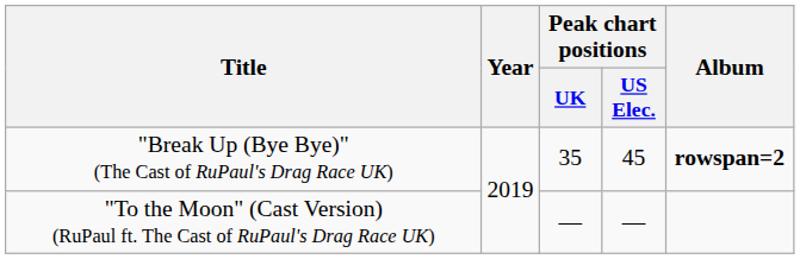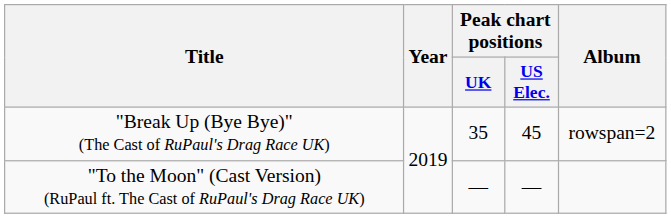 <table class="wikitable plainrowheaders" style="text-align:center;">
 <tr>
 <th rowspan="2" style="width:20em;">Title</th>
 <th rowspan="2" style="width:1em;">Year</th>
 <th colspan="2" style="width:5em;">Peak chart positions</th>
 <th rowspan="2" style="width:5em;">Album</th>
 </tr>
 <tr>
 <th scope="col" style="width:2em;font-size:90%;"><a href='#'>UK</a><br></th>
 <th scope="col" style="width:2em;font-size:90%;"><a href='#'>US<br>Elec.</a><br></th>
 </tr>
 <tr>
 <td>"Break Up (Bye Bye)"<br><small>(The Cast of <em>RuPaul's Drag Race UK</em>)</small></td>
 <td rowspan="2">2019</td>
 <td>35</td>
 <td>45</td>
-<td><strong>rowspan=2 </strong></td>
+<td>rowspan=2 </td>
 </tr>
 <tr>
 <td>"To the Moon" (Cast Version)<br><small>(RuPaul ft. The Cast of <em>RuPaul's Drag Race UK</em>)</small></td>
 <td>—</td>
 <td>—</td>
 </tr>
 </table>
